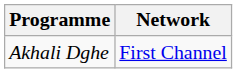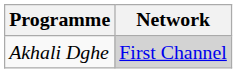 <table class="wikitable">
 <tr>
 <th>Programme</th>
 <th>Network</th>
 </tr>
 <tr>
 <td><em>Akhali Dghe</em></td>
-<td><a href='#'>First Channel</a></td>
+<td style="background: lightgrey;"><a href='#'>First Channel</a></td>
 </tr>
 </table>
